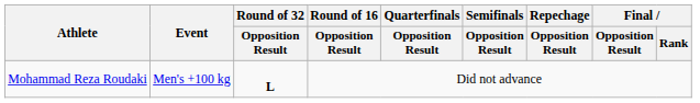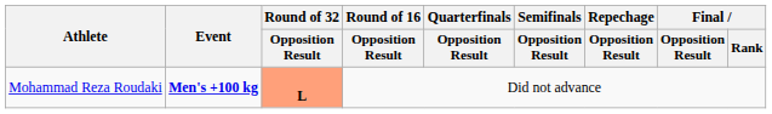 <table class="wikitable" style="font-size:90%;">
 <tr>
 <th rowspan=2>Athlete</th>
 <th rowspan=2>Event</th>
 <th>Round of 32</th>
 <th>Round of 16</th>
 <th>Quarterfinals</th>
 <th>Semifinals</th>
 <th>Repechage</th>
 <th colspan=2>Final / </th>
 </tr>
 <tr style="font-size:95%">
 <th>Opposition<br>Result</th>
 <th>Opposition<br>Result</th>
 <th>Opposition<br>Result</th>
 <th>Opposition<br>Result</th>
 <th>Opposition<br>Result</th>
 <th>Opposition<br>Result</th>
 <th>Rank</th>
 </tr>
 <tr align=center>
 <td align=left><a href='#'>Mohammad Reza Roudaki</a></td>
-<td align=left><a href='#'>Men's +100 kg</a></td>
-<td><br><strong>L</strong> </td>
+<td align=left><strong><a href='#'>Men's +100 kg</a></strong></td>
+<td style="background: lightsalmon;"><br><strong>L</strong> </td>
 <td colspan=6>Did not advance</td>
 </tr>
 </table>
